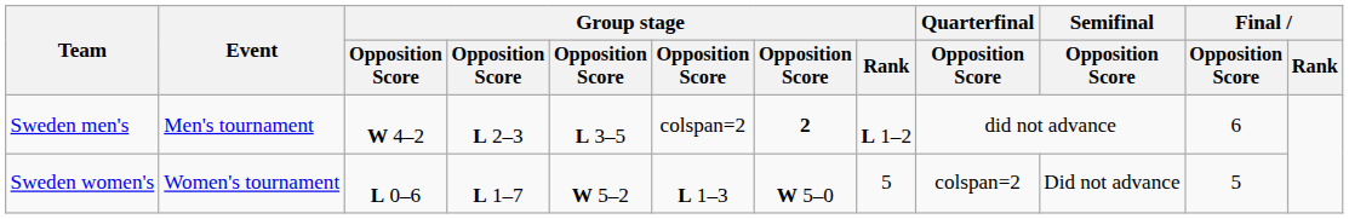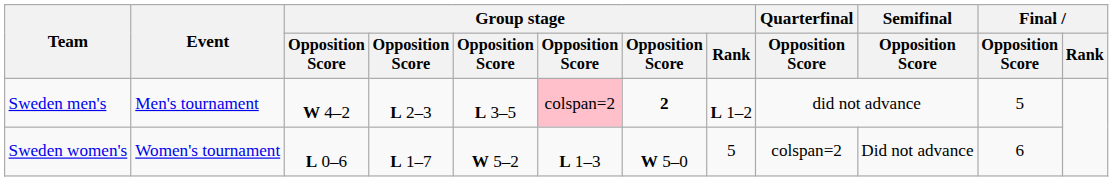 <table class="wikitable" style="font-size:90%">
 <tr>
 <th rowspan=2>Team</th>
 <th rowspan=2>Event</th>
 <th colspan=6>Group stage</th>
 <th>Quarterfinal</th>
 <th>Semifinal</th>
 <th colspan=2>Final / </th>
 </tr>
 <tr style="font-size:95%">
 <th>Opposition<br>Score</th>
 <th>Opposition<br>Score</th>
 <th>Opposition<br>Score</th>
 <th>Opposition<br>Score</th>
 <th>Opposition<br>Score</th>
 <th>Rank</th>
 <th>Opposition<br>Score</th>
 <th>Opposition<br>Score</th>
 <th>Opposition<br>Score</th>
 <th>Rank</th>
 </tr>
 <tr align=center>
 <td align=left><a href='#'>Sweden men's</a></td>
 <td align=left><a href='#'>Men's tournament</a></td>
 <td><br><strong>W</strong> 4–2</td>
 <td><br><strong>L</strong> 2–3</td>
 <td><br> <strong>L</strong> 3–5</td>
-<td>colspan=2 </td>
+<td style="background: pink;">colspan=2 </td>
 <td><strong>2</strong></td>
 <td><br><strong>L</strong> 1–2</td>
 <td colspan=2>did not advance</td>
-<td>6</td>
+<td>5</td>
 </tr>
 <tr align=center>
 <td align=left><a href='#'>Sweden women's</a></td>
 <td align=left><a href='#'>Women's tournament</a></td>
 <td><br> <strong>L</strong> 0–6</td>
 <td><br> <strong>L</strong> 1–7</td>
 <td><br><strong>W</strong> 5–2</td>
 <td><br> <strong>L</strong> 1–3</td>
 <td><br> <strong>W</strong> 5–0</td>
 <td>5</td>
 <td>colspan=2 </td>
 <td>Did not advance</td>
-<td>5</td>
+<td>6</td>
 </tr>
 </table>
